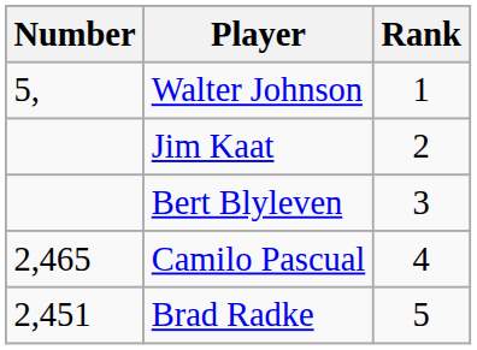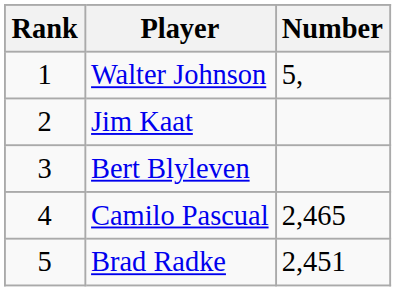 <table class="wikitable" style="font-size: 95%; text-align:left;">
 <tr>
+<th>Rank</th>
+<th>Player</th>
 <th>Number</th>
-<th>Player</th>
-<th>Rank</th>
 </tr>
 <tr>
+<td align="center">1</td>
+<td><a href='#'>Walter Johnson</a></td>
 <td>5,</td>
-<td><a href='#'>Walter Johnson</a></td>
-<td align="center">1</td>
 </tr>
 <tr>
+<td align="center">2</td>
+<td><a href='#'>Jim Kaat</a></td>
 <td></td>
-<td><a href='#'>Jim Kaat</a></td>
-<td align="center">2</td>
 </tr>
 <tr>
+<td align="center">3</td>
+<td><a href='#'>Bert Blyleven</a></td>
 <td></td>
-<td><a href='#'>Bert Blyleven</a></td>
-<td align="center">3</td>
 </tr>
 <tr>
+<td align="center">4</td>
+<td><a href='#'>Camilo Pascual</a></td>
 <td>2,465</td>
-<td><a href='#'>Camilo Pascual</a></td>
-<td align="center">4</td>
 </tr>
 <tr>
+<td align="center">5</td>
+<td><a href='#'>Brad Radke</a></td>
 <td>2,451</td>
-<td><a href='#'>Brad Radke</a></td>
-<td align="center">5</td>
 </tr>
 </table>
